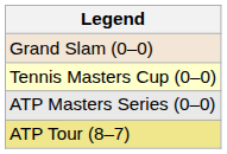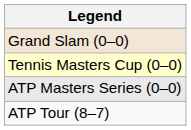 <table class="wikitable sortable mw-collapsible mw-collapsed">
 <tr style="background:#eeeeee;">
 <th>Legend</th>
 </tr>
 <tr style="background:#f3e6d7;">
 <td>Grand Slam (0–0)</td>
 </tr>
 <tr style="background:#ffffcc;">
 <td>Tennis Masters Cup (0–0)</td>
 </tr>
 <tr style="background:#e9e9e9;">
 <td>ATP Masters Series (0–0)</td>
 </tr>
 <tr>
-<td style="background: khaki;">ATP Tour (8–7)</td>
+<td>ATP Tour (8–7)</td>
 </tr>
 </table>
